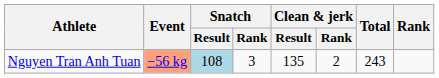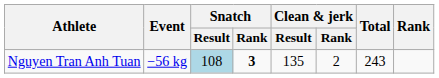 <table class="wikitable" style="font-size:90%">
 <tr>
 <th rowspan="2">Athlete</th>
 <th rowspan="2">Event</th>
 <th colspan="2">Snatch</th>
 <th colspan="2">Clean & jerk</th>
 <th rowspan="2">Total</th>
 <th rowspan="2">Rank</th>
 </tr>
 <tr style="font-size:95%">
 <th>Result</th>
 <th>Rank</th>
 <th>Result</th>
 <th>Rank</th>
 </tr>
 <tr align=center>
 <td align=left><a href='#'>Nguyen Tran Anh Tuan</a></td>
-<td align=left style="background: lightsalmon;"><a href='#'>−56 kg</a></td>
+<td align=left><a href='#'>−56 kg</a></td>
 <td style="background: lightblue;">108</td>
-<td>3</td>
+<td><strong>3</strong></td>
 <td>135</td>
 <td>2</td>
 <td>243</td>
 <td></td>
 </tr>
 </table>
